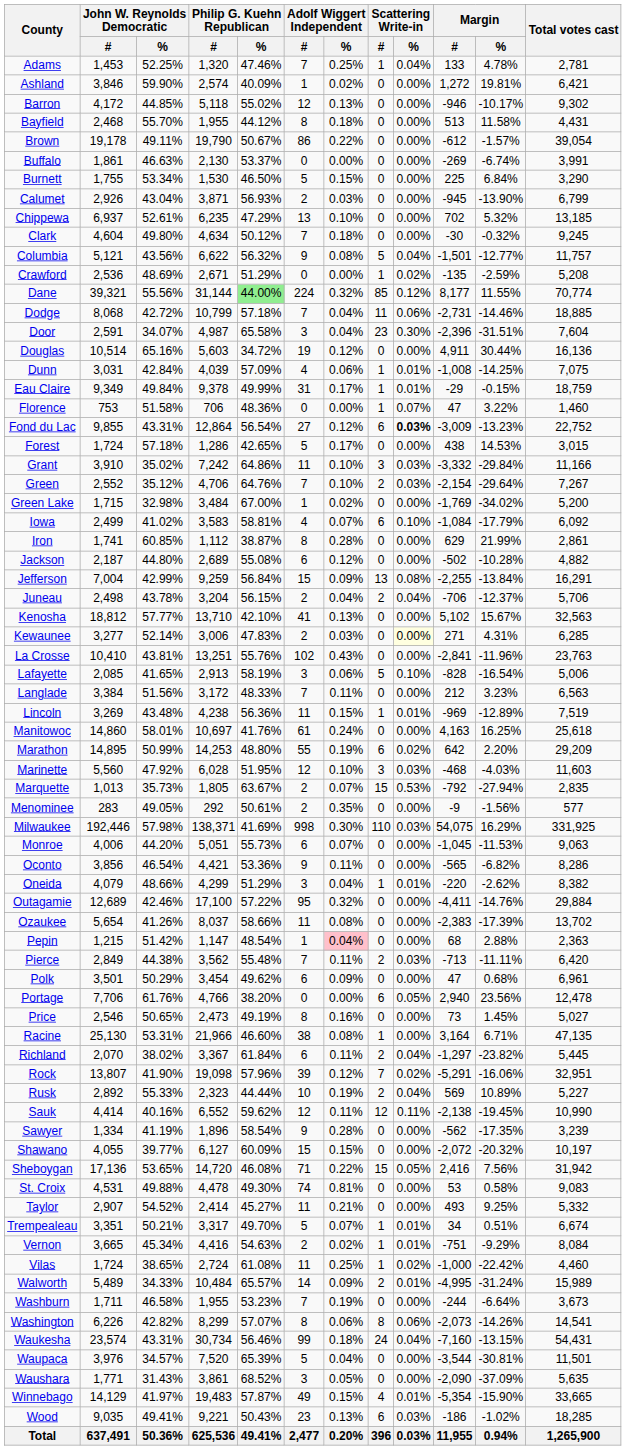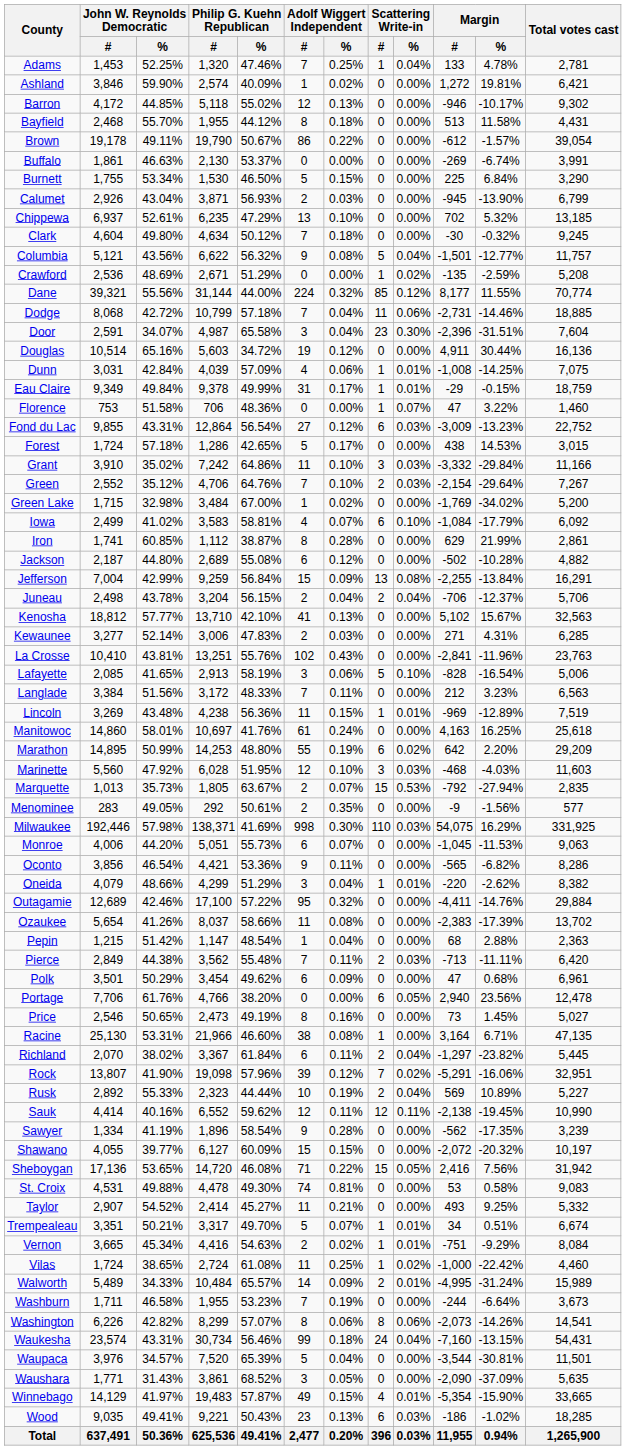 <table class="wikitable sortable" style="text-align:center">
 <tr>
 <th rowspan="2" style="text-align:center;">County</th>
 <th colspan="2" style="text-align:center;">John W. Reynolds<br>Democratic</th>
 <th colspan="2" style="text-align:center;">Philip G. Kuehn<br>Republican</th>
 <th colspan="2" style="text-align:center;">Adolf Wiggert<br>Independent</th>
 <th colspan="2" style="text-align:center;">Scattering<br>Write-in</th>
 <th colspan="2" style="text-align:center;">Margin</th>
 <th rowspan="2" style="text-align:center;">Total votes cast</th>
 </tr>
 <tr>
 <th style="text-align:center;" data-sort-type="number">#</th>
 <th style="text-align:center;" data-sort-type="number">%</th>
 <th style="text-align:center;" data-sort-type="number">#</th>
 <th style="text-align:center;" data-sort-type="number">%</th>
 <th style="text-align:center;" data-sort-type="number">#</th>
 <th style="text-align:center;" data-sort-type="number">%</th>
 <th style="text-align:center;" data-sort-type="number">#</th>
 <th style="text-align:center;" data-sort-type="number">%</th>
 <th style="text-align:center;" data-sort-type="number">#</th>
 <th style="text-align:center;" data-sort-type="number">%</th>
 </tr>
 <tr style="text-align:center;">
 <td><a href='#'>Adams</a></td>
 <td>1,453</td>
 <td>52.25%</td>
 <td>1,320</td>
 <td>47.46%</td>
 <td>7</td>
 <td>0.25%</td>
 <td>1</td>
 <td>0.04%</td>
 <td>133</td>
 <td>4.78%</td>
 <td>2,781</td>
 </tr>
 <tr style="text-align:center;">
 <td><a href='#'>Ashland</a></td>
 <td>3,846</td>
 <td>59.90%</td>
 <td>2,574</td>
 <td>40.09%</td>
 <td>1</td>
 <td>0.02%</td>
 <td>0</td>
 <td>0.00%</td>
 <td>1,272</td>
 <td>19.81%</td>
 <td>6,421</td>
 </tr>
 <tr style="text-align:center;">
 <td><a href='#'>Barron</a></td>
 <td>4,172</td>
 <td>44.85%</td>
 <td>5,118</td>
 <td>55.02%</td>
 <td>12</td>
 <td>0.13%</td>
 <td>0</td>
 <td>0.00%</td>
 <td>-946</td>
 <td>-10.17%</td>
 <td>9,302</td>
 </tr>
 <tr style="text-align:center;">
 <td><a href='#'>Bayfield</a></td>
 <td>2,468</td>
 <td>55.70%</td>
 <td>1,955</td>
 <td>44.12%</td>
 <td>8</td>
 <td>0.18%</td>
 <td>0</td>
 <td>0.00%</td>
 <td>513</td>
 <td>11.58%</td>
 <td>4,431</td>
 </tr>
 <tr style="text-align:center;">
 <td><a href='#'>Brown</a></td>
 <td>19,178</td>
 <td>49.11%</td>
 <td>19,790</td>
 <td>50.67%</td>
 <td>86</td>
 <td>0.22%</td>
 <td>0</td>
 <td>0.00%</td>
 <td>-612</td>
 <td>-1.57%</td>
 <td>39,054</td>
 </tr>
 <tr style="text-align:center;">
 <td><a href='#'>Buffalo</a></td>
 <td>1,861</td>
 <td>46.63%</td>
 <td>2,130</td>
 <td>53.37%</td>
 <td>0</td>
 <td>0.00%</td>
 <td>0</td>
 <td>0.00%</td>
 <td>-269</td>
 <td>-6.74%</td>
 <td>3,991</td>
 </tr>
 <tr style="text-align:center;">
 <td><a href='#'>Burnett</a></td>
 <td>1,755</td>
 <td>53.34%</td>
 <td>1,530</td>
 <td>46.50%</td>
 <td>5</td>
 <td>0.15%</td>
 <td>0</td>
 <td>0.00%</td>
 <td>225</td>
 <td>6.84%</td>
 <td>3,290</td>
 </tr>
 <tr style="text-align:center;">
 <td><a href='#'>Calumet</a></td>
 <td>2,926</td>
 <td>43.04%</td>
 <td>3,871</td>
 <td>56.93%</td>
 <td>2</td>
 <td>0.03%</td>
 <td>0</td>
 <td>0.00%</td>
 <td>-945</td>
 <td>-13.90%</td>
 <td>6,799</td>
 </tr>
 <tr style="text-align:center;">
 <td><a href='#'>Chippewa</a></td>
 <td>6,937</td>
 <td>52.61%</td>
 <td>6,235</td>
 <td>47.29%</td>
 <td>13</td>
 <td>0.10%</td>
 <td>0</td>
 <td>0.00%</td>
 <td>702</td>
 <td>5.32%</td>
 <td>13,185</td>
 </tr>
 <tr style="text-align:center;">
 <td><a href='#'>Clark</a></td>
 <td>4,604</td>
 <td>49.80%</td>
 <td>4,634</td>
 <td>50.12%</td>
 <td>7</td>
 <td>0.18%</td>
 <td>0</td>
 <td>0.00%</td>
 <td>-30</td>
 <td>-0.32%</td>
 <td>9,245</td>
 </tr>
 <tr style="text-align:center;">
 <td><a href='#'>Columbia</a></td>
 <td>5,121</td>
 <td>43.56%</td>
 <td>6,622</td>
 <td>56.32%</td>
 <td>9</td>
 <td>0.08%</td>
 <td>5</td>
 <td>0.04%</td>
 <td>-1,501</td>
 <td>-12.77%</td>
 <td>11,757</td>
 </tr>
 <tr style="text-align:center;">
 <td><a href='#'>Crawford</a></td>
 <td>2,536</td>
 <td>48.69%</td>
 <td>2,671</td>
 <td>51.29%</td>
 <td>0</td>
 <td>0.00%</td>
 <td>1</td>
 <td>0.02%</td>
 <td>-135</td>
 <td>-2.59%</td>
 <td>5,208</td>
 </tr>
 <tr style="text-align:center;">
 <td><a href='#'>Dane</a></td>
 <td>39,321</td>
 <td>55.56%</td>
 <td>31,144</td>
-<td style="background: lightgreen;">44.00%</td>
+<td>44.00%</td>
 <td>224</td>
 <td>0.32%</td>
 <td>85</td>
 <td>0.12%</td>
 <td>8,177</td>
 <td>11.55%</td>
 <td>70,774</td>
 </tr>
 <tr style="text-align:center;">
 <td><a href='#'>Dodge</a></td>
 <td>8,068</td>
 <td>42.72%</td>
 <td>10,799</td>
 <td>57.18%</td>
 <td>7</td>
 <td>0.04%</td>
 <td>11</td>
 <td>0.06%</td>
 <td>-2,731</td>
 <td>-14.46%</td>
 <td>18,885</td>
 </tr>
 <tr style="text-align:center;">
 <td><a href='#'>Door</a></td>
 <td>2,591</td>
 <td>34.07%</td>
 <td>4,987</td>
 <td>65.58%</td>
 <td>3</td>
 <td>0.04%</td>
 <td>23</td>
 <td>0.30%</td>
 <td>-2,396</td>
 <td>-31.51%</td>
 <td>7,604</td>
 </tr>
 <tr style="text-align:center;">
 <td><a href='#'>Douglas</a></td>
 <td>10,514</td>
 <td>65.16%</td>
 <td>5,603</td>
 <td>34.72%</td>
 <td>19</td>
 <td>0.12%</td>
 <td>0</td>
 <td>0.00%</td>
 <td>4,911</td>
 <td>30.44%</td>
 <td>16,136</td>
 </tr>
 <tr style="text-align:center;">
 <td><a href='#'>Dunn</a></td>
 <td>3,031</td>
 <td>42.84%</td>
 <td>4,039</td>
 <td>57.09%</td>
 <td>4</td>
 <td>0.06%</td>
 <td>1</td>
 <td>0.01%</td>
 <td>-1,008</td>
 <td>-14.25%</td>
 <td>7,075</td>
 </tr>
 <tr style="text-align:center;">
 <td><a href='#'>Eau Claire</a></td>
 <td>9,349</td>
 <td>49.84%</td>
 <td>9,378</td>
 <td>49.99%</td>
 <td>31</td>
 <td>0.17%</td>
 <td>1</td>
 <td>0.01%</td>
 <td>-29</td>
 <td>-0.15%</td>
 <td>18,759</td>
 </tr>
 <tr style="text-align:center;">
 <td><a href='#'>Florence</a></td>
 <td>753</td>
 <td>51.58%</td>
 <td>706</td>
 <td>48.36%</td>
 <td>0</td>
 <td>0.00%</td>
 <td>1</td>
 <td>0.07%</td>
 <td>47</td>
 <td>3.22%</td>
 <td>1,460</td>
 </tr>
 <tr style="text-align:center;">
 <td><a href='#'>Fond du Lac</a></td>
 <td>9,855</td>
 <td>43.31%</td>
 <td>12,864</td>
 <td>56.54%</td>
 <td>27</td>
 <td>0.12%</td>
 <td>6</td>
-<td><strong>0.03%</strong></td>
+<td>0.03%</td>
 <td>-3,009</td>
 <td>-13.23%</td>
 <td>22,752</td>
 </tr>
 <tr style="text-align:center;">
 <td><a href='#'>Forest</a></td>
 <td>1,724</td>
 <td>57.18%</td>
 <td>1,286</td>
 <td>42.65%</td>
 <td>5</td>
 <td>0.17%</td>
 <td>0</td>
 <td>0.00%</td>
 <td>438</td>
 <td>14.53%</td>
 <td>3,015</td>
 </tr>
 <tr style="text-align:center;">
 <td><a href='#'>Grant</a></td>
 <td>3,910</td>
 <td>35.02%</td>
 <td>7,242</td>
 <td>64.86%</td>
 <td>11</td>
 <td>0.10%</td>
 <td>3</td>
 <td>0.03%</td>
 <td>-3,332</td>
 <td>-29.84%</td>
 <td>11,166</td>
 </tr>
 <tr style="text-align:center;">
 <td><a href='#'>Green</a></td>
 <td>2,552</td>
 <td>35.12%</td>
 <td>4,706</td>
 <td>64.76%</td>
 <td>7</td>
 <td>0.10%</td>
 <td>2</td>
 <td>0.03%</td>
 <td>-2,154</td>
 <td>-29.64%</td>
 <td>7,267</td>
 </tr>
 <tr style="text-align:center;">
 <td><a href='#'>Green Lake</a></td>
 <td>1,715</td>
 <td>32.98%</td>
 <td>3,484</td>
 <td>67.00%</td>
 <td>1</td>
 <td>0.02%</td>
 <td>0</td>
 <td>0.00%</td>
 <td>-1,769</td>
 <td>-34.02%</td>
 <td>5,200</td>
 </tr>
 <tr style="text-align:center;">
 <td><a href='#'>Iowa</a></td>
 <td>2,499</td>
 <td>41.02%</td>
 <td>3,583</td>
 <td>58.81%</td>
 <td>4</td>
 <td>0.07%</td>
 <td>6</td>
 <td>0.10%</td>
 <td>-1,084</td>
 <td>-17.79%</td>
 <td>6,092</td>
 </tr>
 <tr style="text-align:center;">
 <td><a href='#'>Iron</a></td>
 <td>1,741</td>
 <td>60.85%</td>
 <td>1,112</td>
 <td>38.87%</td>
 <td>8</td>
 <td>0.28%</td>
 <td>0</td>
 <td>0.00%</td>
 <td>629</td>
 <td>21.99%</td>
 <td>2,861</td>
 </tr>
 <tr style="text-align:center;">
 <td><a href='#'>Jackson</a></td>
 <td>2,187</td>
 <td>44.80%</td>
 <td>2,689</td>
 <td>55.08%</td>
 <td>6</td>
 <td>0.12%</td>
 <td>0</td>
 <td>0.00%</td>
 <td>-502</td>
 <td>-10.28%</td>
 <td>4,882</td>
 </tr>
 <tr style="text-align:center;">
 <td><a href='#'>Jefferson</a></td>
 <td>7,004</td>
 <td>42.99%</td>
 <td>9,259</td>
 <td>56.84%</td>
 <td>15</td>
 <td>0.09%</td>
 <td>13</td>
 <td>0.08%</td>
 <td>-2,255</td>
 <td>-13.84%</td>
 <td>16,291</td>
 </tr>
 <tr style="text-align:center;">
 <td><a href='#'>Juneau</a></td>
 <td>2,498</td>
 <td>43.78%</td>
 <td>3,204</td>
 <td>56.15%</td>
 <td>2</td>
 <td>0.04%</td>
 <td>2</td>
 <td>0.04%</td>
 <td>-706</td>
 <td>-12.37%</td>
 <td>5,706</td>
 </tr>
 <tr style="text-align:center;">
 <td><a href='#'>Kenosha</a></td>
 <td>18,812</td>
 <td>57.77%</td>
 <td>13,710</td>
 <td>42.10%</td>
 <td>41</td>
 <td>0.13%</td>
 <td>0</td>
 <td>0.00%</td>
 <td>5,102</td>
 <td>15.67%</td>
 <td>32,563</td>
 </tr>
 <tr style="text-align:center;">
 <td><a href='#'>Kewaunee</a></td>
 <td>3,277</td>
 <td>52.14%</td>
 <td>3,006</td>
 <td>47.83%</td>
 <td>2</td>
 <td>0.03%</td>
 <td>0</td>
-<td style="background: lightyellow;">0.00%</td>
+<td>0.00%</td>
 <td>271</td>
 <td>4.31%</td>
 <td>6,285</td>
 </tr>
 <tr style="text-align:center;">
 <td><a href='#'>La Crosse</a></td>
 <td>10,410</td>
 <td>43.81%</td>
 <td>13,251</td>
 <td>55.76%</td>
 <td>102</td>
 <td>0.43%</td>
 <td>0</td>
 <td>0.00%</td>
 <td>-2,841</td>
 <td>-11.96%</td>
 <td>23,763</td>
 </tr>
 <tr style="text-align:center;">
 <td><a href='#'>Lafayette</a></td>
 <td>2,085</td>
 <td>41.65%</td>
 <td>2,913</td>
 <td>58.19%</td>
 <td>3</td>
 <td>0.06%</td>
 <td>5</td>
 <td>0.10%</td>
 <td>-828</td>
 <td>-16.54%</td>
 <td>5,006</td>
 </tr>
 <tr style="text-align:center;">
 <td><a href='#'>Langlade</a></td>
 <td>3,384</td>
 <td>51.56%</td>
 <td>3,172</td>
 <td>48.33%</td>
 <td>7</td>
 <td>0.11%</td>
 <td>0</td>
 <td>0.00%</td>
 <td>212</td>
 <td>3.23%</td>
 <td>6,563</td>
 </tr>
 <tr style="text-align:center;">
 <td><a href='#'>Lincoln</a></td>
 <td>3,269</td>
 <td>43.48%</td>
 <td>4,238</td>
 <td>56.36%</td>
 <td>11</td>
 <td>0.15%</td>
 <td>1</td>
 <td>0.01%</td>
 <td>-969</td>
 <td>-12.89%</td>
 <td>7,519</td>
 </tr>
 <tr style="text-align:center;">
 <td><a href='#'>Manitowoc</a></td>
 <td>14,860</td>
 <td>58.01%</td>
 <td>10,697</td>
 <td>41.76%</td>
 <td>61</td>
 <td>0.24%</td>
 <td>0</td>
 <td>0.00%</td>
 <td>4,163</td>
 <td>16.25%</td>
 <td>25,618</td>
 </tr>
 <tr style="text-align:center;">
 <td><a href='#'>Marathon</a></td>
 <td>14,895</td>
 <td>50.99%</td>
 <td>14,253</td>
 <td>48.80%</td>
 <td>55</td>
 <td>0.19%</td>
 <td>6</td>
 <td>0.02%</td>
 <td>642</td>
 <td>2.20%</td>
 <td>29,209</td>
 </tr>
 <tr style="text-align:center;">
 <td><a href='#'>Marinette</a></td>
 <td>5,560</td>
 <td>47.92%</td>
 <td>6,028</td>
 <td>51.95%</td>
 <td>12</td>
 <td>0.10%</td>
 <td>3</td>
 <td>0.03%</td>
 <td>-468</td>
 <td>-4.03%</td>
 <td>11,603</td>
 </tr>
 <tr style="text-align:center;">
 <td><a href='#'>Marquette</a></td>
 <td>1,013</td>
 <td>35.73%</td>
 <td>1,805</td>
 <td>63.67%</td>
 <td>2</td>
 <td>0.07%</td>
 <td>15</td>
 <td>0.53%</td>
 <td>-792</td>
 <td>-27.94%</td>
 <td>2,835</td>
 </tr>
 <tr style="text-align:center;">
 <td><a href='#'>Menominee</a></td>
 <td>283</td>
 <td>49.05%</td>
 <td>292</td>
 <td>50.61%</td>
 <td>2</td>
 <td>0.35%</td>
 <td>0</td>
 <td>0.00%</td>
 <td>-9</td>
 <td>-1.56%</td>
 <td>577</td>
 </tr>
 <tr style="text-align:center;">
 <td><a href='#'>Milwaukee</a></td>
 <td>192,446</td>
 <td>57.98%</td>
 <td>138,371</td>
 <td>41.69%</td>
 <td>998</td>
 <td>0.30%</td>
 <td>110</td>
 <td>0.03%</td>
 <td>54,075</td>
 <td>16.29%</td>
 <td>331,925</td>
 </tr>
 <tr style="text-align:center;">
 <td><a href='#'>Monroe</a></td>
 <td>4,006</td>
 <td>44.20%</td>
 <td>5,051</td>
 <td>55.73%</td>
 <td>6</td>
 <td>0.07%</td>
 <td>0</td>
 <td>0.00%</td>
 <td>-1,045</td>
 <td>-11.53%</td>
 <td>9,063</td>
 </tr>
 <tr style="text-align:center;">
 <td><a href='#'>Oconto</a></td>
 <td>3,856</td>
 <td>46.54%</td>
 <td>4,421</td>
 <td>53.36%</td>
 <td>9</td>
 <td>0.11%</td>
 <td>0</td>
 <td>0.00%</td>
 <td>-565</td>
 <td>-6.82%</td>
 <td>8,286</td>
 </tr>
 <tr style="text-align:center;">
 <td><a href='#'>Oneida</a></td>
 <td>4,079</td>
 <td>48.66%</td>
 <td>4,299</td>
 <td>51.29%</td>
 <td>3</td>
 <td>0.04%</td>
 <td>1</td>
 <td>0.01%</td>
 <td>-220</td>
 <td>-2.62%</td>
 <td>8,382</td>
 </tr>
 <tr style="text-align:center;">
 <td><a href='#'>Outagamie</a></td>
 <td>12,689</td>
 <td>42.46%</td>
 <td>17,100</td>
 <td>57.22%</td>
 <td>95</td>
 <td>0.32%</td>
 <td>0</td>
 <td>0.00%</td>
 <td>-4,411</td>
 <td>-14.76%</td>
 <td>29,884</td>
 </tr>
 <tr style="text-align:center;">
 <td><a href='#'>Ozaukee</a></td>
 <td>5,654</td>
 <td>41.26%</td>
 <td>8,037</td>
 <td>58.66%</td>
 <td>11</td>
 <td>0.08%</td>
 <td>0</td>
 <td>0.00%</td>
 <td>-2,383</td>
 <td>-17.39%</td>
 <td>13,702</td>
 </tr>
 <tr style="text-align:center;">
 <td><a href='#'>Pepin</a></td>
 <td>1,215</td>
 <td>51.42%</td>
 <td>1,147</td>
 <td>48.54%</td>
 <td>1</td>
-<td style="background: pink;">0.04%</td>
+<td>0.04%</td>
 <td>0</td>
 <td>0.00%</td>
 <td>68</td>
 <td>2.88%</td>
 <td>2,363</td>
 </tr>
 <tr style="text-align:center;">
 <td><a href='#'>Pierce</a></td>
 <td>2,849</td>
 <td>44.38%</td>
 <td>3,562</td>
 <td>55.48%</td>
 <td>7</td>
 <td>0.11%</td>
 <td>2</td>
 <td>0.03%</td>
 <td>-713</td>
 <td>-11.11%</td>
 <td>6,420</td>
 </tr>
 <tr style="text-align:center;">
 <td><a href='#'>Polk</a></td>
 <td>3,501</td>
 <td>50.29%</td>
 <td>3,454</td>
 <td>49.62%</td>
 <td>6</td>
 <td>0.09%</td>
 <td>0</td>
 <td>0.00%</td>
 <td>47</td>
 <td>0.68%</td>
 <td>6,961</td>
 </tr>
 <tr style="text-align:center;">
 <td><a href='#'>Portage</a></td>
 <td>7,706</td>
 <td>61.76%</td>
 <td>4,766</td>
 <td>38.20%</td>
 <td>0</td>
 <td>0.00%</td>
 <td>6</td>
 <td>0.05%</td>
 <td>2,940</td>
 <td>23.56%</td>
 <td>12,478</td>
 </tr>
 <tr style="text-align:center;">
 <td><a href='#'>Price</a></td>
 <td>2,546</td>
 <td>50.65%</td>
 <td>2,473</td>
 <td>49.19%</td>
 <td>8</td>
 <td>0.16%</td>
 <td>0</td>
 <td>0.00%</td>
 <td>73</td>
 <td>1.45%</td>
 <td>5,027</td>
 </tr>
 <tr style="text-align:center;">
 <td><a href='#'>Racine</a></td>
 <td>25,130</td>
 <td>53.31%</td>
 <td>21,966</td>
 <td>46.60%</td>
 <td>38</td>
 <td>0.08%</td>
 <td>1</td>
 <td>0.00%</td>
 <td>3,164</td>
 <td>6.71%</td>
 <td>47,135</td>
 </tr>
 <tr style="text-align:center;">
 <td><a href='#'>Richland</a></td>
 <td>2,070</td>
 <td>38.02%</td>
 <td>3,367</td>
 <td>61.84%</td>
 <td>6</td>
 <td>0.11%</td>
 <td>2</td>
 <td>0.04%</td>
 <td>-1,297</td>
 <td>-23.82%</td>
 <td>5,445</td>
 </tr>
 <tr style="text-align:center;">
 <td><a href='#'>Rock</a></td>
 <td>13,807</td>
 <td>41.90%</td>
 <td>19,098</td>
 <td>57.96%</td>
 <td>39</td>
 <td>0.12%</td>
 <td>7</td>
 <td>0.02%</td>
 <td>-5,291</td>
 <td>-16.06%</td>
 <td>32,951</td>
 </tr>
 <tr style="text-align:center;">
 <td><a href='#'>Rusk</a></td>
 <td>2,892</td>
 <td>55.33%</td>
 <td>2,323</td>
 <td>44.44%</td>
 <td>10</td>
 <td>0.19%</td>
 <td>2</td>
 <td>0.04%</td>
 <td>569</td>
 <td>10.89%</td>
 <td>5,227</td>
 </tr>
 <tr style="text-align:center;">
 <td><a href='#'>Sauk</a></td>
 <td>4,414</td>
 <td>40.16%</td>
 <td>6,552</td>
 <td>59.62%</td>
 <td>12</td>
 <td>0.11%</td>
 <td>12</td>
 <td>0.11%</td>
 <td>-2,138</td>
 <td>-19.45%</td>
 <td>10,990</td>
 </tr>
 <tr style="text-align:center;">
 <td><a href='#'>Sawyer</a></td>
 <td>1,334</td>
 <td>41.19%</td>
 <td>1,896</td>
 <td>58.54%</td>
 <td>9</td>
 <td>0.28%</td>
 <td>0</td>
 <td>0.00%</td>
 <td>-562</td>
 <td>-17.35%</td>
 <td>3,239</td>
 </tr>
 <tr style="text-align:center;">
 <td><a href='#'>Shawano</a></td>
 <td>4,055</td>
 <td>39.77%</td>
 <td>6,127</td>
 <td>60.09%</td>
 <td>15</td>
 <td>0.15%</td>
 <td>0</td>
 <td>0.00%</td>
 <td>-2,072</td>
 <td>-20.32%</td>
 <td>10,197</td>
 </tr>
 <tr style="text-align:center;">
 <td><a href='#'>Sheboygan</a></td>
 <td>17,136</td>
 <td>53.65%</td>
 <td>14,720</td>
 <td>46.08%</td>
 <td>71</td>
 <td>0.22%</td>
 <td>15</td>
 <td>0.05%</td>
 <td>2,416</td>
 <td>7.56%</td>
 <td>31,942</td>
 </tr>
 <tr style="text-align:center;">
 <td><a href='#'>St. Croix</a></td>
 <td>4,531</td>
 <td>49.88%</td>
 <td>4,478</td>
 <td>49.30%</td>
 <td>74</td>
 <td>0.81%</td>
 <td>0</td>
 <td>0.00%</td>
 <td>53</td>
 <td>0.58%</td>
 <td>9,083</td>
 </tr>
 <tr style="text-align:center;">
 <td><a href='#'>Taylor</a></td>
 <td>2,907</td>
 <td>54.52%</td>
 <td>2,414</td>
 <td>45.27%</td>
 <td>11</td>
 <td>0.21%</td>
 <td>0</td>
 <td>0.00%</td>
 <td>493</td>
 <td>9.25%</td>
 <td>5,332</td>
 </tr>
 <tr style="text-align:center;">
 <td><a href='#'>Trempealeau</a></td>
 <td>3,351</td>
 <td>50.21%</td>
 <td>3,317</td>
 <td>49.70%</td>
 <td>5</td>
 <td>0.07%</td>
 <td>1</td>
 <td>0.01%</td>
 <td>34</td>
 <td>0.51%</td>
 <td>6,674</td>
 </tr>
 <tr style="text-align:center;">
 <td><a href='#'>Vernon</a></td>
 <td>3,665</td>
 <td>45.34%</td>
 <td>4,416</td>
 <td>54.63%</td>
 <td>2</td>
 <td>0.02%</td>
 <td>1</td>
 <td>0.01%</td>
 <td>-751</td>
 <td>-9.29%</td>
 <td>8,084</td>
 </tr>
 <tr style="text-align:center;">
 <td><a href='#'>Vilas</a></td>
 <td>1,724</td>
 <td>38.65%</td>
 <td>2,724</td>
 <td>61.08%</td>
 <td>11</td>
 <td>0.25%</td>
 <td>1</td>
 <td>0.02%</td>
 <td>-1,000</td>
 <td>-22.42%</td>
 <td>4,460</td>
 </tr>
 <tr style="text-align:center;">
 <td><a href='#'>Walworth</a></td>
 <td>5,489</td>
 <td>34.33%</td>
 <td>10,484</td>
 <td>65.57%</td>
 <td>14</td>
 <td>0.09%</td>
 <td>2</td>
 <td>0.01%</td>
 <td>-4,995</td>
 <td>-31.24%</td>
 <td>15,989</td>
 </tr>
 <tr style="text-align:center;">
 <td><a href='#'>Washburn</a></td>
 <td>1,711</td>
 <td>46.58%</td>
 <td>1,955</td>
 <td>53.23%</td>
 <td>7</td>
 <td>0.19%</td>
 <td>0</td>
 <td>0.00%</td>
 <td>-244</td>
 <td>-6.64%</td>
 <td>3,673</td>
 </tr>
 <tr style="text-align:center;">
 <td><a href='#'>Washington</a></td>
 <td>6,226</td>
 <td>42.82%</td>
 <td>8,299</td>
 <td>57.07%</td>
 <td>8</td>
 <td>0.06%</td>
 <td>8</td>
 <td>0.06%</td>
 <td>-2,073</td>
 <td>-14.26%</td>
 <td>14,541</td>
 </tr>
 <tr style="text-align:center;">
 <td><a href='#'>Waukesha</a></td>
 <td>23,574</td>
 <td>43.31%</td>
 <td>30,734</td>
 <td>56.46%</td>
 <td>99</td>
 <td>0.18%</td>
 <td>24</td>
 <td>0.04%</td>
 <td>-7,160</td>
 <td>-13.15%</td>
 <td>54,431</td>
 </tr>
 <tr style="text-align:center;">
 <td><a href='#'>Waupaca</a></td>
 <td>3,976</td>
 <td>34.57%</td>
 <td>7,520</td>
 <td>65.39%</td>
 <td>5</td>
 <td>0.04%</td>
 <td>0</td>
 <td>0.00%</td>
 <td>-3,544</td>
 <td>-30.81%</td>
 <td>11,501</td>
 </tr>
 <tr style="text-align:center;">
 <td><a href='#'>Waushara</a></td>
 <td>1,771</td>
 <td>31.43%</td>
 <td>3,861</td>
 <td>68.52%</td>
 <td>3</td>
 <td>0.05%</td>
 <td>0</td>
 <td>0.00%</td>
 <td>-2,090</td>
 <td>-37.09%</td>
 <td>5,635</td>
 </tr>
 <tr style="text-align:center;">
 <td><a href='#'>Winnebago</a></td>
 <td>14,129</td>
 <td>41.97%</td>
 <td>19,483</td>
 <td>57.87%</td>
 <td>49</td>
 <td>0.15%</td>
 <td>4</td>
 <td>0.01%</td>
 <td>-5,354</td>
 <td>-15.90%</td>
 <td>33,665</td>
 </tr>
 <tr style="text-align:center;">
 <td><a href='#'>Wood</a></td>
 <td>9,035</td>
 <td>49.41%</td>
 <td>9,221</td>
 <td>50.43%</td>
 <td>23</td>
 <td>0.13%</td>
 <td>6</td>
 <td>0.03%</td>
 <td>-186</td>
 <td>-1.02%</td>
 <td>18,285</td>
 </tr>
 <tr>
 <th>Total</th>
 <th>637,491</th>
 <th>50.36%</th>
 <th>625,536</th>
 <th>49.41%</th>
 <th>2,477</th>
 <th>0.20%</th>
 <th>396</th>
 <th>0.03%</th>
 <th>11,955</th>
 <th>0.94%</th>
 <th>1,265,900</th>
 </tr>
 </table>
